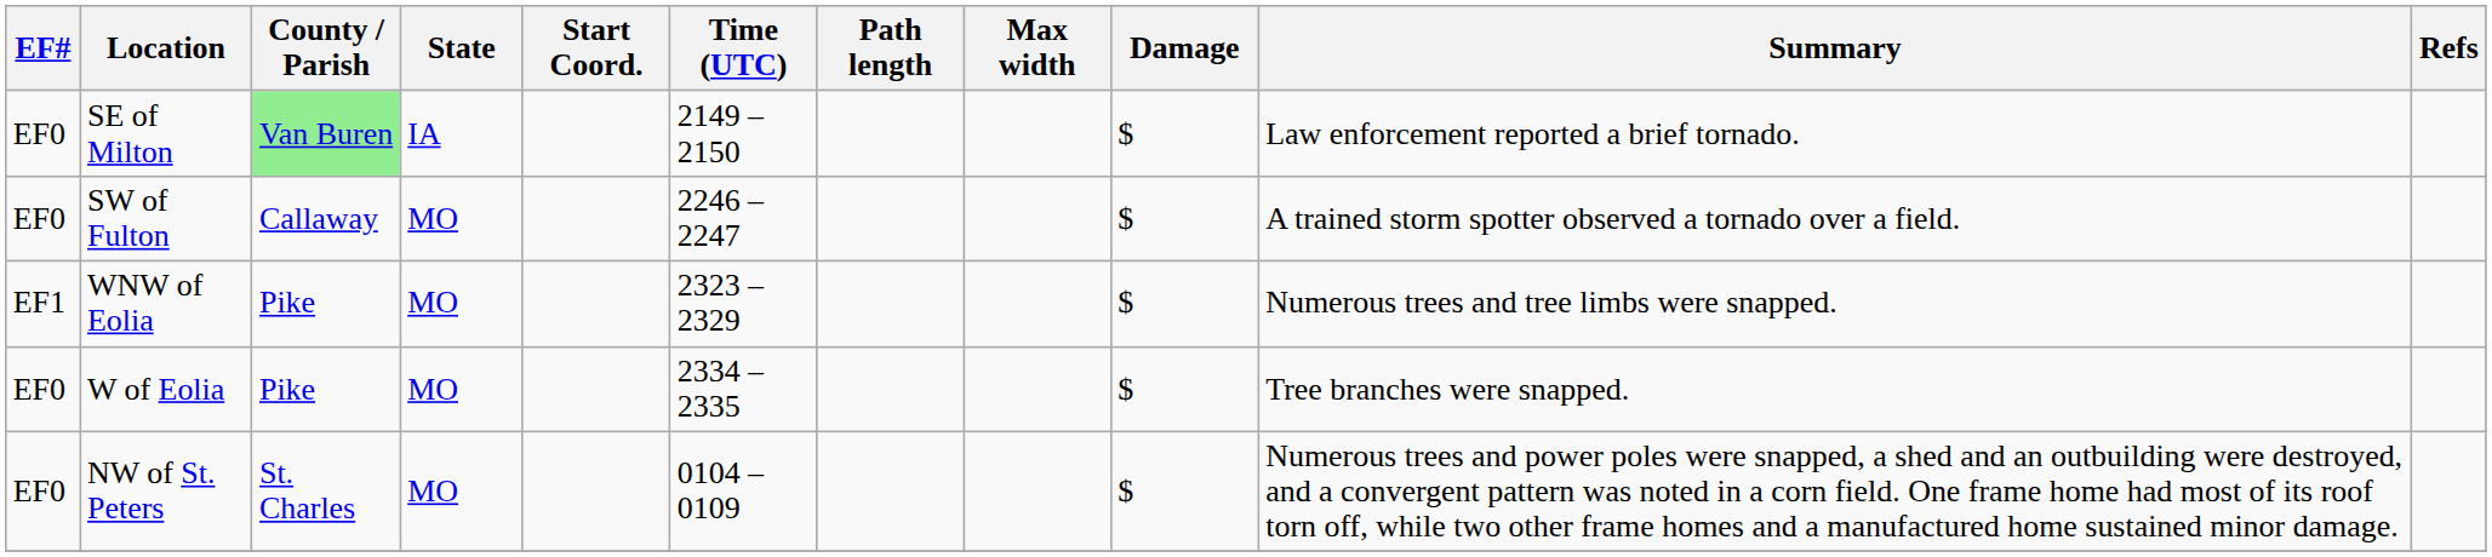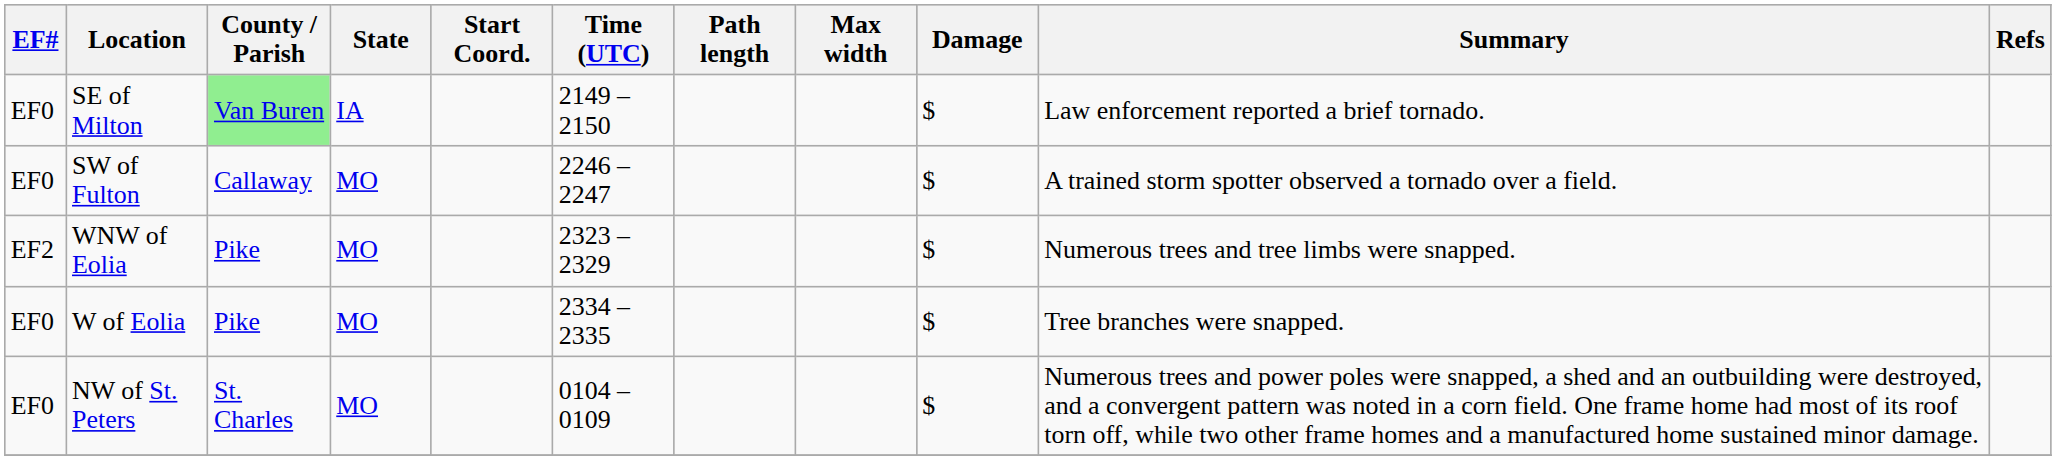 <table class="wikitable sortable" style="width:100%;">
 <tr>
 <th scope="col" width="3%" align="center"><a href='#'>EF#</a></th>
 <th scope="col" width="7%" align="center" class="unsortable">Location</th>
 <th scope="col" width="6%" align="center" class="unsortable">County / Parish</th>
 <th scope="col" width="5%" align="center">State</th>
 <th scope="col" width="6%" align="center">Start Coord.</th>
 <th scope="col" width="6%" align="center">Time (<a href='#'>UTC</a>)</th>
 <th scope="col" width="6%" align="center">Path length</th>
 <th scope="col" width="6%" align="center">Max width</th>
 <th scope="col" width="6%" align="center">Damage</th>
 <th scope="col" width="48%" class="unsortable" align="center">Summary</th>
 <th scope="col" width="48%" class="unsortable" align="center">Refs</th>
 </tr>
 <tr>
 <td>EF0</td>
 <td>SE of <a href='#'>Milton</a></td>
 <td style="background: lightgreen;"><a href='#'>Van Buren</a></td>
 <td><a href='#'>IA</a></td>
 <td></td>
 <td>2149 – 2150</td>
 <td></td>
 <td></td>
 <td>$</td>
 <td>Law enforcement reported a brief tornado.</td>
 <td></td>
 </tr>
 <tr>
 <td>EF0</td>
 <td>SW of <a href='#'>Fulton</a></td>
 <td><a href='#'>Callaway</a></td>
 <td><a href='#'>MO</a></td>
 <td></td>
 <td>2246 – 2247</td>
 <td></td>
 <td></td>
 <td>$</td>
 <td>A trained storm spotter observed a tornado over a field.</td>
 <td></td>
 </tr>
 <tr>
-<td>EF1</td>
+<td>EF2</td>
 <td>WNW of <a href='#'>Eolia</a></td>
 <td><a href='#'>Pike</a></td>
 <td><a href='#'>MO</a></td>
 <td></td>
 <td>2323 – 2329</td>
 <td></td>
 <td></td>
 <td>$</td>
 <td>Numerous trees and tree limbs were snapped.</td>
 <td></td>
 </tr>
 <tr>
 <td>EF0</td>
 <td>W of <a href='#'>Eolia</a></td>
 <td><a href='#'>Pike</a></td>
 <td><a href='#'>MO</a></td>
 <td></td>
 <td>2334 – 2335</td>
 <td></td>
 <td></td>
 <td>$</td>
 <td>Tree branches were snapped.</td>
 <td></td>
 </tr>
 <tr>
 <td>EF0</td>
 <td>NW of <a href='#'>St. Peters</a></td>
 <td><a href='#'>St. Charles</a></td>
 <td><a href='#'>MO</a></td>
 <td></td>
 <td>0104 – 0109</td>
 <td></td>
 <td></td>
 <td>$</td>
 <td>Numerous trees and power poles were snapped, a shed and an outbuilding were destroyed, and a convergent pattern was noted in a corn field. One frame home had most of its roof torn off, while two other frame homes and a manufactured home sustained minor damage.</td>
 <td></td>
 </tr>
 <tr>
 </tr>
 </table>
